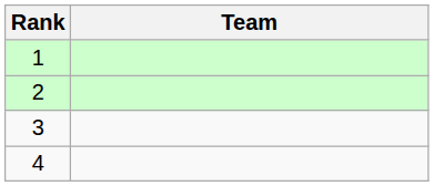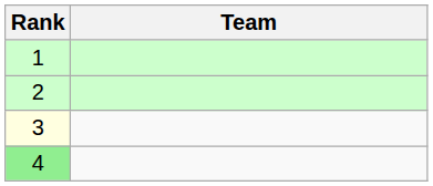 <table class="wikitable" style="text-align: center;">
 <tr>
 <th width=40>Rank</th>
 <th width=250>Team</th>
 </tr>
 <tr bgcolor=#ccffcc>
 <td>1</td>
 <td align=left></td>
 </tr>
 <tr bgcolor=#ccffcc>
 <td>2</td>
 <td align=left></td>
 </tr>
 <tr>
-<td>3</td>
+<td style="background: lightyellow;">3</td>
 <td align=left></td>
 </tr>
 <tr>
-<td>4</td>
+<td style="background: lightgreen;">4</td>
 <td align=left></td>
 </tr>
 </table>
